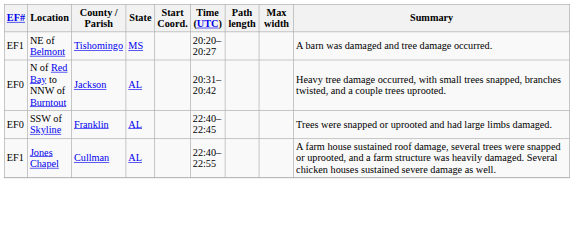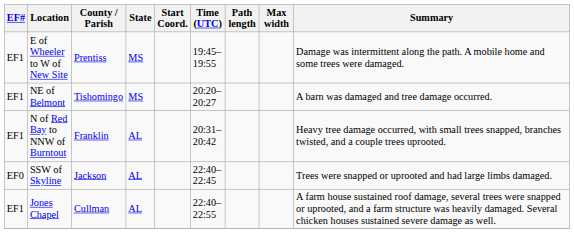 <table class="wikitable sortable" style="width:100%;">
 <tr>
 <th scope="col"  style="width:3%; text-align:center;"><a href='#'>EF#</a></th>
 <th scope="col"  style="width:7%; text-align:center;" class="unsortable">Location</th>
 <th scope="col"  style="width:6%; text-align:center;" class="unsortable">County / Parish</th>
 <th scope="col"  style="width:5%; text-align:center;">State</th>
 <th scope="col"  style="width:6%; text-align:center;">Start Coord.</th>
 <th scope="col"  style="width:6%; text-align:center;">Time (<a href='#'>UTC</a>)</th>
 <th scope="col"  style="width:6%; text-align:center;">Path length</th>
 <th scope="col"  style="width:6%; text-align:center;">Max width</th>
 <th scope="col" class="unsortable" style="width:48%; text-align:center;">Summary</th>
 </tr>
 <tr>
 <td>EF1</td>
+<td>E of <a href='#'>Wheeler</a> to W of <a href='#'>New Site</a></td>
+<td><a href='#'>Prentiss</a></td>
+<td><a href='#'>MS</a></td>
+<td></td>
+<td>19:45–19:55</td>
+<td></td>
+<td></td>
+<td>Damage was intermittent along the path. A mobile home and some trees were damaged.</td>
+</tr>
+<tr>
+<td>EF1</td>
 <td>NE of <a href='#'>Belmont</a></td>
 <td><a href='#'>Tishomingo</a></td>
 <td><a href='#'>MS</a></td>
 <td></td>
 <td>20:20–20:27</td>
 <td></td>
 <td></td>
 <td>A barn was damaged and tree damage occurred.</td>
 </tr>
 <tr>
-<td>EF0</td>
+<td>EF1</td>
 <td>N of <a href='#'>Red Bay</a> to NNW of <a href='#'>Burntout</a></td>
-<td><a href='#'>Jackson</a></td>
+<td><a href='#'>Franklin</a></td>
 <td><a href='#'>AL</a></td>
 <td></td>
 <td>20:31–20:42</td>
 <td></td>
 <td></td>
 <td>Heavy tree damage occurred, with small trees snapped, branches twisted, and a couple trees uprooted.</td>
 </tr>
 <tr>
 <td>EF0</td>
 <td>SSW of <a href='#'>Skyline</a></td>
-<td><a href='#'>Franklin</a></td>
+<td><a href='#'>Jackson</a></td>
 <td><a href='#'>AL</a></td>
 <td></td>
 <td>22:40–22:45</td>
 <td></td>
 <td></td>
 <td>Trees were snapped or uprooted and had large limbs damaged.</td>
 </tr>
 <tr>
 <td>EF1</td>
 <td><a href='#'>Jones Chapel</a></td>
 <td><a href='#'>Cullman</a></td>
 <td><a href='#'>AL</a></td>
 <td></td>
 <td>22:40–22:55</td>
 <td></td>
 <td></td>
 <td>A farm house sustained roof damage, several trees were snapped or uprooted, and a farm structure was heavily damaged. Several chicken houses sustained severe damage as well.</td>
 </tr>
 <tr>
 </tr>
 </table>
